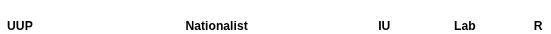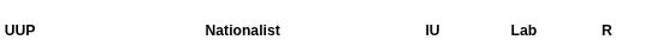 <table style="width:50%; text-align:center;">
 <tr style="color:white;">
 <td style="background:"><strong>32</strong></td>
 <td style="background:"><strong>10</strong></td>
 <td style="background:"><strong>4</strong></td>
 <td style="background:"><strong>3</strong></td>
 <td style="background:"><strong>2</strong></td>
+<td style="background:"><strong>1</strong></td>
 </tr>
 <tr>
 <td><span><strong>UUP</strong></span></td>
 <td><span><strong>Nationalist</strong></span></td>
 <td><span><strong>IU</strong></span></td>
 <td><span><strong>Lab</strong></span></td>
 <td><span><strong>R</strong></span></td>
+<td><span></span></td>
 </tr>
 </table>
